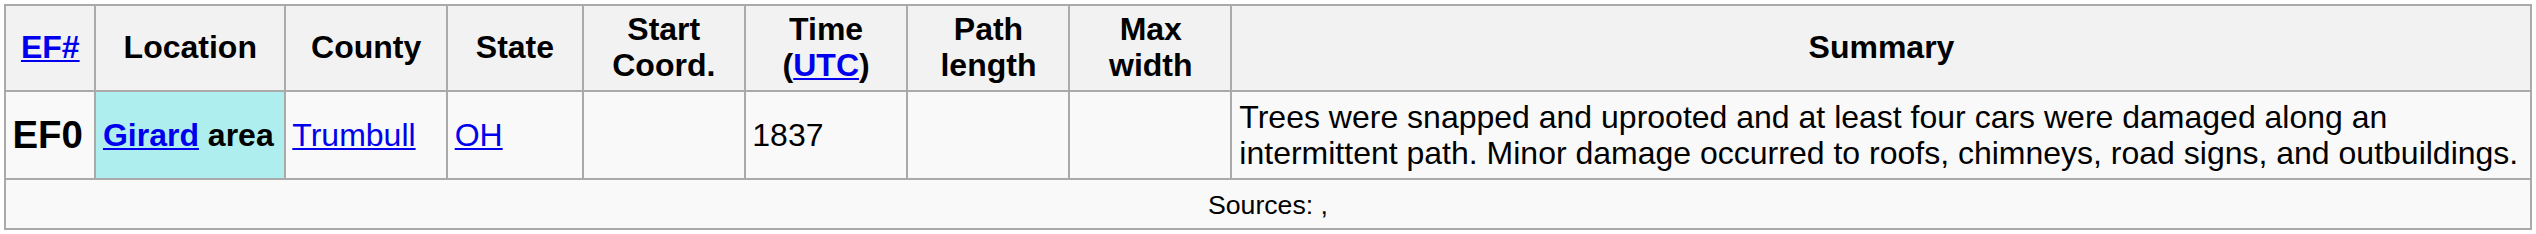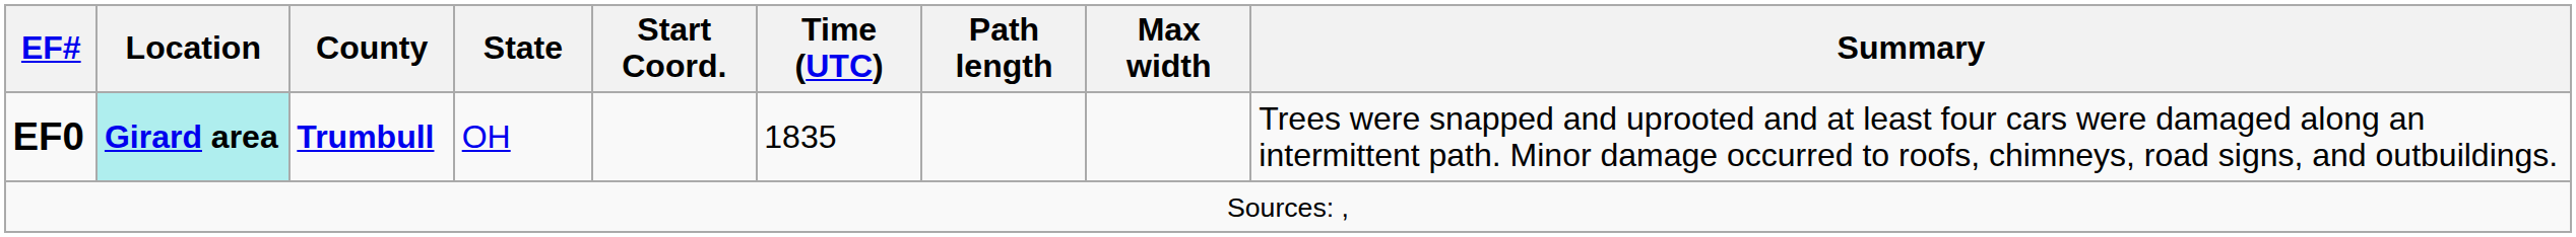 <table class="wikitable collapsible" width="100%">
 <tr>
 <th scope="col"  style="width:3%; text-align:center;"><a href='#'>EF#</a></th>
 <th scope="col"  style="width:7%; text-align:center;" class="unsortable">Location</th>
 <th scope="col"  style="width:6%; text-align:center;" class="unsortable">County</th>
 <th scope="col"  style="width:5%; text-align:center;">State</th>
 <th scope="col"  style="width:6%; text-align:center;">Start Coord.</th>
 <th scope="col"  style="width:6%; text-align:center;">Time (<a href='#'>UTC</a>)</th>
 <th scope="col"  style="width:6%; text-align:center;">Path length</th>
 <th scope="col"  style="width:6%; text-align:center;">Max width</th>
 <th scope="col" class="unsortable" style="width:48%; text-align:center;">Summary</th>
 </tr>
 <tr>
 <td><big><strong>EF0</strong></big></td>
 <td style="background: paleturquoise;"><strong><a href='#'>Girard</a> area</strong></td>
-<td><a href='#'>Trumbull</a></td>
+<td><strong><a href='#'>Trumbull</a></strong></td>
 <td><a href='#'>OH</a></td>
 <td></td>
-<td>1837</td>
+<td>1835</td>
 <td></td>
 <td></td>
 <td>Trees were snapped and uprooted and at least four cars were damaged along an intermittent path. Minor damage occurred to roofs, chimneys, road signs, and outbuildings.</td>
 </tr>
 <tr>
 <td colspan="9" align=center><small>Sources: , </small></td>
 </tr>
 <tr>
 </tr>
 </table>
